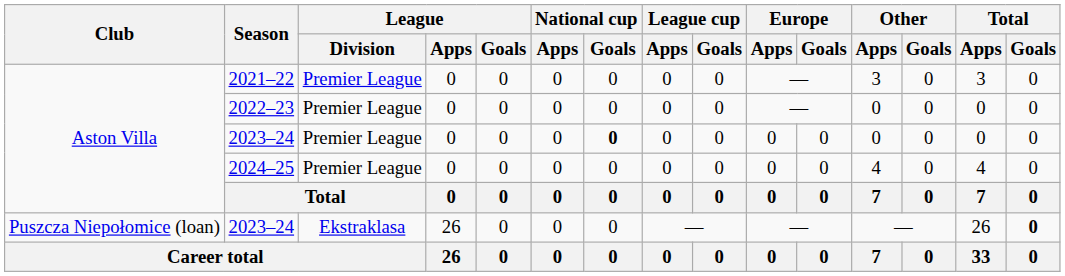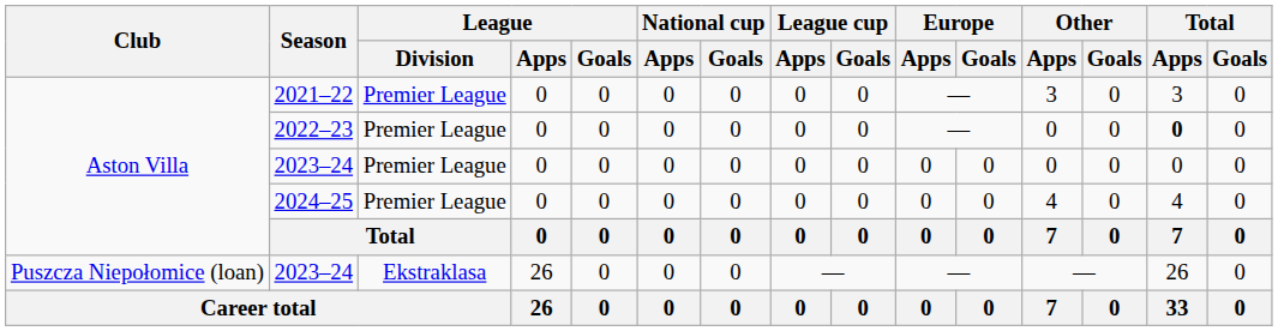 <table class=wikitable style=text-align:center>
 <tr>
 <th rowspan=2>Club</th>
 <th rowspan=2>Season</th>
 <th colspan=3>League</th>
 <th colspan=2>National cup</th>
 <th colspan=2>League cup</th>
 <th colspan=2>Europe</th>
 <th colspan=2>Other</th>
 <th colspan=2>Total</th>
 </tr>
 <tr>
 <th>Division</th>
 <th>Apps</th>
 <th>Goals</th>
 <th>Apps</th>
 <th>Goals</th>
 <th>Apps</th>
 <th>Goals</th>
 <th>Apps</th>
 <th>Goals</th>
 <th>Apps</th>
 <th>Goals</th>
 <th>Apps</th>
 <th>Goals</th>
 </tr>
 <tr>
 <td rowspan="5"><a href='#'>Aston Villa</a></td>
 <td><a href='#'>2021–22</a></td>
 <td><a href='#'>Premier League</a></td>
 <td>0</td>
 <td>0</td>
 <td>0</td>
 <td>0</td>
 <td>0</td>
 <td>0</td>
 <td colspan="2">—</td>
 <td>3</td>
 <td>0</td>
 <td>3</td>
 <td>0</td>
 </tr>
 <tr>
 <td><a href='#'>2022–23</a></td>
 <td>Premier League</td>
 <td>0</td>
 <td>0</td>
 <td>0</td>
 <td>0</td>
 <td>0</td>
 <td>0</td>
 <td colspan="2">—</td>
 <td>0</td>
 <td>0</td>
-<td>0</td>
+<td><strong>0</strong></td>
 <td>0</td>
 </tr>
 <tr>
 <td><a href='#'>2023–24</a></td>
 <td>Premier League</td>
 <td>0</td>
 <td>0</td>
 <td>0</td>
-<td><strong>0</strong></td>
+<td>0</td>
 <td>0</td>
 <td>0</td>
 <td>0</td>
 <td>0</td>
 <td>0</td>
 <td>0</td>
 <td>0</td>
 <td>0</td>
 </tr>
 <tr>
 <td><a href='#'>2024–25</a></td>
 <td>Premier League</td>
 <td>0</td>
 <td>0</td>
 <td>0</td>
 <td>0</td>
 <td>0</td>
 <td>0</td>
 <td>0</td>
 <td>0</td>
 <td>4</td>
 <td>0</td>
 <td>4</td>
 <td>0</td>
 </tr>
 <tr>
 <th colspan="2">Total</th>
 <th>0</th>
 <th>0</th>
 <th>0</th>
 <th>0</th>
 <th>0</th>
 <th>0</th>
 <th>0</th>
 <th>0</th>
 <th>7</th>
 <th>0</th>
 <th>7</th>
 <th>0</th>
 </tr>
 <tr>
 <td><a href='#'>Puszcza Niepołomice</a> (loan)</td>
 <td><a href='#'>2023–24</a></td>
 <td><a href='#'>Ekstraklasa</a></td>
 <td>26</td>
 <td>0</td>
 <td>0</td>
 <td>0</td>
 <td colspan="2">—</td>
 <td colspan="2">—</td>
 <td colspan="2">—</td>
 <td>26</td>
-<td><strong>0</strong></td>
+<td>0</td>
 </tr>
 <tr>
 <th colspan="3">Career total</th>
 <th>26</th>
 <th>0</th>
 <th>0</th>
 <th>0</th>
 <th>0</th>
 <th>0</th>
 <th>0</th>
 <th>0</th>
 <th>7</th>
 <th>0</th>
 <th>33</th>
 <th>0</th>
 </tr>
 </table>
